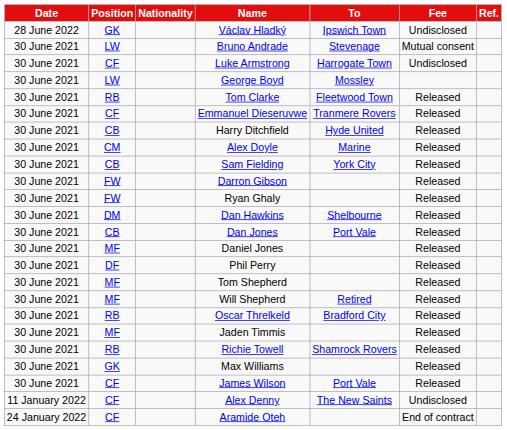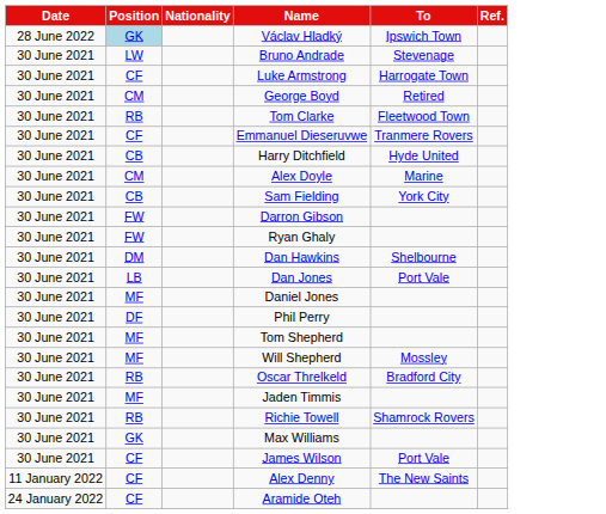 <table class="wikitable"  style="text-align:center; font-size:90%; ">
 <tr>
 <th style="background:#e20e0e;color:white;">Date</th>
 <th style="background:#e20e0e;color:white;">Position</th>
 <th style="background:#e20e0e;color:white;">Nationality</th>
 <th style="background:#e20e0e;color:white;">Name</th>
 <th style="background:#e20e0e;color:white;">To</th>
-<th style="background:#e20e0e;color:white;">Fee</th>
 <th style="background:#e20e0e;color:white;">Ref.</th>
 </tr>
 <tr>
 <td>28 June 2022</td>
-<td><a href='#'>GK</a></td>
+<td style="background: lightblue;"><a href='#'>GK</a></td>
 <td></td>
 <td><a href='#'>Václav Hladký</a></td>
 <td> <a href='#'>Ipswich Town</a></td>
-<td>Undisclosed</td>
 <td></td>
 </tr>
 <tr>
 <td>30 June 2021</td>
 <td><a href='#'>LW</a></td>
 <td></td>
 <td><a href='#'>Bruno Andrade</a></td>
 <td> <a href='#'>Stevenage</a></td>
-<td>Mutual consent</td>
 <td></td>
 </tr>
 <tr>
 <td>30 June 2021</td>
 <td><a href='#'>CF</a></td>
 <td></td>
 <td><a href='#'>Luke Armstrong</a></td>
 <td> <a href='#'>Harrogate Town</a></td>
-<td>Undisclosed</td>
 <td></td>
 </tr>
 <tr>
 <td>30 June 2021</td>
-<td><a href='#'>LW</a></td>
+<td><a href='#'>CM</a></td>
 <td></td>
 <td><a href='#'>George Boyd</a></td>
-<td> <a href='#'>Mossley</a></td>
-<td></td>
+<td><a href='#'>Retired</a></td>
 <td></td>
 </tr>
 <tr>
 <td>30 June 2021</td>
 <td><a href='#'>RB</a></td>
 <td></td>
 <td><a href='#'>Tom Clarke</a></td>
 <td> <a href='#'>Fleetwood Town</a></td>
-<td>Released</td>
 <td></td>
 </tr>
 <tr>
 <td>30 June 2021</td>
 <td><a href='#'>CF</a></td>
 <td></td>
 <td><a href='#'>Emmanuel Dieseruvwe</a></td>
 <td> <a href='#'>Tranmere Rovers</a></td>
-<td>Released</td>
 <td></td>
 </tr>
 <tr>
 <td>30 June 2021</td>
 <td><a href='#'>CB</a></td>
 <td></td>
 <td>Harry Ditchfield</td>
 <td> <a href='#'>Hyde United</a></td>
-<td>Released</td>
 <td></td>
 </tr>
 <tr>
 <td>30 June 2021</td>
 <td><a href='#'>CM</a></td>
 <td></td>
 <td><a href='#'>Alex Doyle</a></td>
 <td> <a href='#'>Marine</a></td>
-<td>Released</td>
 <td></td>
 </tr>
 <tr>
 <td>30 June 2021</td>
 <td><a href='#'>CB</a></td>
 <td></td>
 <td><a href='#'>Sam Fielding</a></td>
 <td> <a href='#'>York City</a></td>
-<td>Released</td>
 <td></td>
 </tr>
 <tr>
 <td>30 June 2021</td>
 <td><a href='#'>FW</a></td>
 <td></td>
 <td><a href='#'>Darron Gibson</a></td>
 <td></td>
-<td>Released</td>
 <td></td>
 </tr>
 <tr>
 <td>30 June 2021</td>
 <td><a href='#'>FW</a></td>
 <td></td>
 <td>Ryan Ghaly</td>
 <td></td>
-<td>Released</td>
 <td></td>
 </tr>
 <tr>
 <td>30 June 2021</td>
 <td><a href='#'>DM</a></td>
 <td></td>
 <td><a href='#'>Dan Hawkins</a></td>
 <td> <a href='#'>Shelbourne</a></td>
-<td>Released</td>
 <td></td>
 </tr>
 <tr>
 <td>30 June 2021</td>
-<td><a href='#'>CB</a></td>
+<td><a href='#'>LB</a></td>
 <td></td>
 <td><a href='#'>Dan Jones</a></td>
 <td> <a href='#'>Port Vale</a></td>
-<td>Released</td>
 <td></td>
 </tr>
 <tr>
 <td>30 June 2021</td>
 <td><a href='#'>MF</a></td>
 <td></td>
 <td>Daniel Jones</td>
 <td></td>
-<td>Released</td>
 <td></td>
 </tr>
 <tr>
 <td>30 June 2021</td>
 <td><a href='#'>DF</a></td>
 <td></td>
 <td>Phil Perry</td>
 <td></td>
-<td>Released</td>
 <td></td>
 </tr>
 <tr>
 <td>30 June 2021</td>
 <td><a href='#'>MF</a></td>
 <td></td>
 <td>Tom Shepherd</td>
 <td></td>
-<td>Released</td>
 <td></td>
 </tr>
 <tr>
 <td>30 June 2021</td>
 <td><a href='#'>MF</a></td>
 <td></td>
 <td>Will Shepherd</td>
-<td><a href='#'>Retired</a></td>
-<td>Released</td>
+<td> <a href='#'>Mossley</a></td>
 <td></td>
 </tr>
 <tr>
 <td>30 June 2021</td>
 <td><a href='#'>RB</a></td>
 <td></td>
 <td><a href='#'>Oscar Threlkeld</a></td>
 <td> <a href='#'>Bradford City</a></td>
-<td>Released</td>
 <td></td>
 </tr>
 <tr>
 <td>30 June 2021</td>
 <td><a href='#'>MF</a></td>
 <td></td>
 <td>Jaden Timmis</td>
 <td></td>
-<td>Released</td>
 <td></td>
 </tr>
 <tr>
 <td>30 June 2021</td>
 <td><a href='#'>RB</a></td>
 <td></td>
 <td><a href='#'>Richie Towell</a></td>
 <td> <a href='#'>Shamrock Rovers</a></td>
-<td>Released</td>
 <td></td>
 </tr>
 <tr>
 <td>30 June 2021</td>
 <td><a href='#'>GK</a></td>
 <td></td>
 <td>Max Williams</td>
 <td></td>
-<td>Released</td>
 <td></td>
 </tr>
 <tr>
 <td>30 June 2021</td>
 <td><a href='#'>CF</a></td>
 <td></td>
 <td><a href='#'>James Wilson</a></td>
 <td> <a href='#'>Port Vale</a></td>
-<td>Released</td>
 <td></td>
 </tr>
 <tr>
 <td>11 January 2022</td>
 <td><a href='#'>CF</a></td>
 <td></td>
 <td><a href='#'>Alex Denny</a></td>
 <td> <a href='#'>The New Saints</a></td>
-<td>Undisclosed</td>
 <td></td>
 </tr>
 <tr>
 <td>24 January 2022</td>
 <td><a href='#'>CF</a></td>
 <td></td>
 <td><a href='#'>Aramide Oteh</a></td>
 <td></td>
-<td>End of contract</td>
 <td></td>
 </tr>
 </table>
